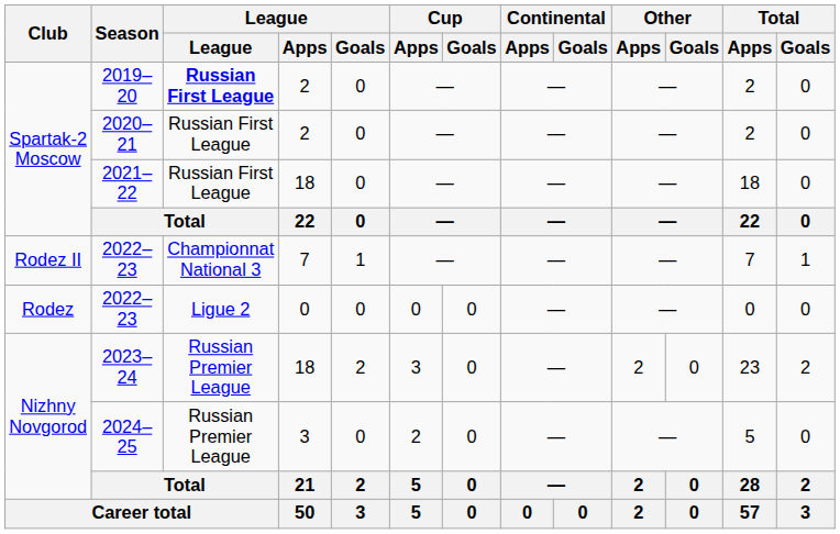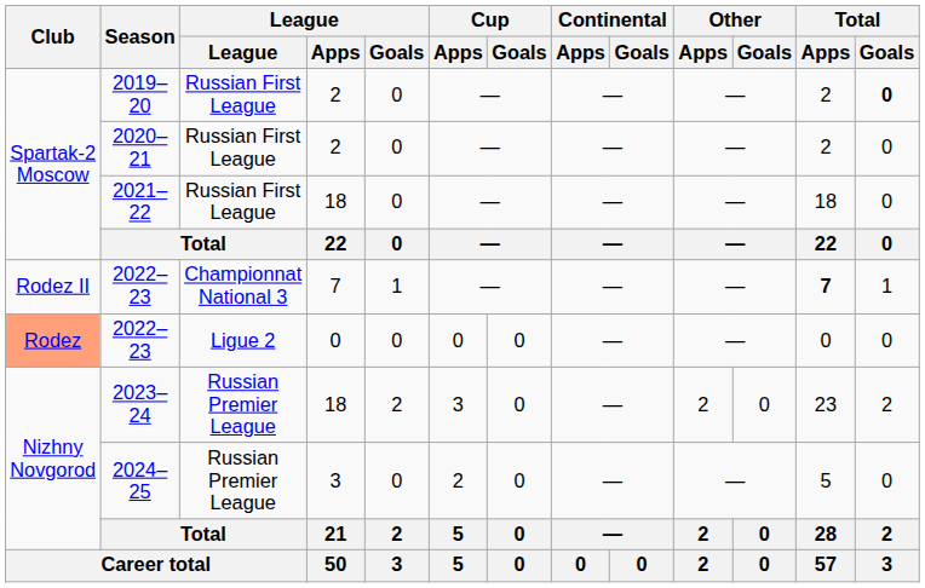 <table class="wikitable" style="text-align: center;">
 <tr>
 <th rowspan="2">Club</th>
 <th rowspan="2">Season</th>
 <th colspan="3">League</th>
 <th colspan="2">Cup</th>
 <th colspan="2">Continental</th>
 <th colspan="2">Other</th>
 <th colspan="2">Total</th>
 </tr>
 <tr>
 <th>League</th>
 <th>Apps</th>
 <th>Goals</th>
 <th>Apps</th>
 <th>Goals</th>
 <th>Apps</th>
 <th>Goals</th>
 <th>Apps</th>
 <th>Goals</th>
 <th>Apps</th>
 <th>Goals</th>
 </tr>
 <tr>
 <td rowspan="4"><a href='#'>Spartak-2 Moscow</a></td>
 <td><a href='#'>2019–20</a></td>
-<td><strong><a href='#'>Russian First League</a></strong></td>
+<td><a href='#'>Russian First League</a></td>
 <td>2</td>
 <td>0</td>
 <td colspan="2">—</td>
 <td colspan="2">—</td>
 <td colspan="2">—</td>
 <td>2</td>
-<td>0</td>
+<td><strong>0</strong></td>
 </tr>
 <tr>
 <td><a href='#'>2020–21</a></td>
 <td>Russian First League</td>
 <td>2</td>
 <td>0</td>
 <td colspan="2">—</td>
 <td colspan="2">—</td>
 <td colspan="2">—</td>
 <td>2</td>
 <td>0</td>
 </tr>
 <tr>
 <td><a href='#'>2021–22</a></td>
 <td>Russian First League</td>
 <td>18</td>
 <td>0</td>
 <td colspan="2">—</td>
 <td colspan="2">—</td>
 <td colspan="2">—</td>
 <td>18</td>
 <td>0</td>
 </tr>
 <tr>
 <th colspan="2">Total</th>
 <th>22</th>
 <th>0</th>
 <th colspan="2">—</th>
 <th colspan="2">—</th>
 <th colspan="2">—</th>
 <th>22</th>
 <th>0</th>
 </tr>
 <tr>
 <td><a href='#'>Rodez II</a></td>
 <td><a href='#'>2022–23</a></td>
 <td><a href='#'>Championnat National 3</a></td>
 <td>7</td>
 <td>1</td>
 <td colspan="2">—</td>
 <td colspan="2">—</td>
 <td colspan="2">—</td>
-<td>7</td>
+<td><strong>7</strong></td>
 <td>1</td>
 </tr>
 <tr>
-<td><a href='#'>Rodez</a></td>
+<td style="background: lightsalmon;"><a href='#'>Rodez</a></td>
 <td><a href='#'>2022–23</a></td>
 <td><a href='#'>Ligue 2</a></td>
 <td>0</td>
 <td>0</td>
 <td>0</td>
 <td>0</td>
 <td colspan="2">—</td>
 <td colspan="2">—</td>
 <td>0</td>
 <td>0</td>
 </tr>
 <tr>
 <td rowspan="3"><a href='#'>Nizhny Novgorod</a></td>
 <td><a href='#'>2023–24</a></td>
 <td><a href='#'>Russian Premier League</a></td>
 <td>18</td>
 <td>2</td>
 <td>3</td>
 <td>0</td>
 <td colspan="2">—</td>
 <td>2</td>
 <td>0</td>
 <td>23</td>
 <td>2</td>
 </tr>
 <tr>
 <td><a href='#'>2024–25</a></td>
 <td>Russian Premier League</td>
 <td>3</td>
 <td>0</td>
 <td>2</td>
 <td>0</td>
 <td colspan="2">—</td>
 <td colspan="2">—</td>
 <td>5</td>
 <td>0</td>
 </tr>
 <tr>
 <th colspan="2">Total</th>
 <th>21</th>
 <th>2</th>
 <th>5</th>
 <th>0</th>
 <th colspan="2">—</th>
 <th>2</th>
 <th>0</th>
 <th>28</th>
 <th>2</th>
 </tr>
 <tr>
 <th colspan="3">Career total</th>
 <th>50</th>
 <th>3</th>
 <th>5</th>
 <th>0</th>
 <th>0</th>
 <th>0</th>
 <th>2</th>
 <th>0</th>
 <th>57</th>
 <th>3</th>
 </tr>
 </table>
